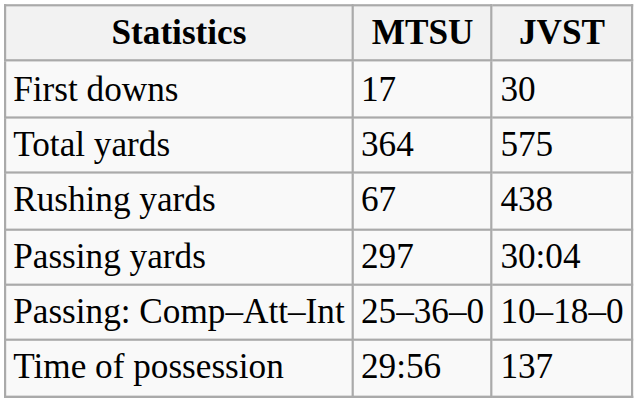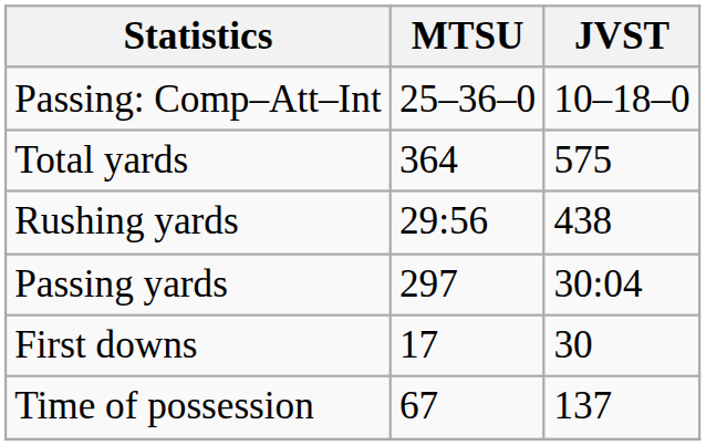 <table class="wikitable" style="float: left;">
 <tr>
 <th>Statistics</th>
 <th>MTSU</th>
 <th>JVST</th>
 </tr>
 <tr>
-<td>First downs</td>
-<td>17</td>
-<td>30</td>
+<td>Passing: Comp–Att–Int</td>
+<td>25–36–0</td>
+<td>10–18–0</td>
 </tr>
 <tr>
 <td>Total yards</td>
 <td>364</td>
 <td>575</td>
 </tr>
 <tr>
 <td>Rushing yards</td>
-<td>67</td>
+<td>29:56</td>
 <td>438</td>
 </tr>
 <tr>
 <td>Passing yards</td>
 <td>297</td>
 <td>30:04</td>
 </tr>
 <tr>
-<td>Passing: Comp–Att–Int</td>
-<td>25–36–0</td>
-<td>10–18–0</td>
+<td>First downs</td>
+<td>17</td>
+<td>30</td>
 </tr>
 <tr>
 <td>Time of possession</td>
-<td>29:56</td>
+<td>67</td>
 <td>137</td>
 </tr>
 <tr>
 </tr>
 </table>
